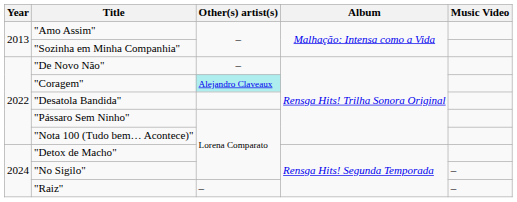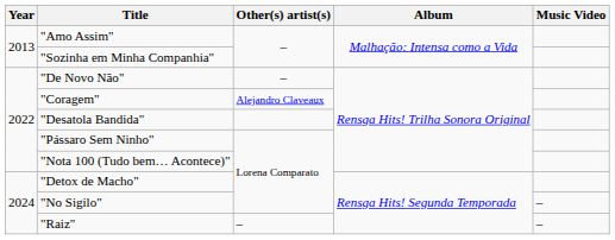 <table class="wikitable">
 <tr>
 <th>Year</th>
 <th>Title</th>
 <th>Other(s) artist(s)</th>
 <th>Album</th>
 <th>Music Video</th>
 </tr>
 <tr>
 <td rowspan="2">2013</td>
 <td "Amo Assim">"Amo Assim"</td>
 <td rowspan="2" style="text-align:center">–</td>
 <td rowspan="2" style="text-align:center"><em><a href='#'>Malhação: Intensa como a Vida</a></em></td>
 <td></td>
 </tr>
 <tr>
 <td "Sozinha em Minha Companhia">"Sozinha em Minha Companhia"</td>
 <td></td>
 </tr>
 <tr>
 <td rowspan="5">2022</td>
 <td "De Novo Não">"De Novo Não"</td>
 <td style="text-align:center">–</td>
 <td rowspan="5"><em><a href='#'>Rensga Hits! Trilha Sonora Original</a></em></td>
 <td></td>
 </tr>
 <tr>
 <td>"Coragem"</td>
-<td style="background: paleturquoise;"><a href='#'><small>Alejandro Claveaux</small></a></td>
+<td><a href='#'><small>Alejandro Claveaux</small></a></td>
 <td></td>
 </tr>
 <tr>
 <td "Desatola Bandida">"Desatola Bandida"</td>
 <td></td>
 <td></td>
 </tr>
 <tr>
 <td>"Pássaro Sem Ninho"</td>
 <td rowspan="4"><small>Lorena Comparato</small></td>
 <td></td>
 </tr>
 <tr>
 <td "Nota 100 (Tudo bem… Acontece)">"Nota 100 (Tudo bem… Acontece)"</td>
 <td></td>
 </tr>
 <tr>
 <td rowspan="3">2024</td>
 <td>"Detox de Macho"</td>
 <td rowspan="3"><em><a href='#'>Rensga Hits! Segunda Temporada</a></em></td>
 <td></td>
 </tr>
 <tr>
 <td>"No Sigilo"</td>
 <td>–</td>
 </tr>
 <tr>
 <td>"Raiz"</td>
 <td>–</td>
 <td>–</td>
 </tr>
 </table>
